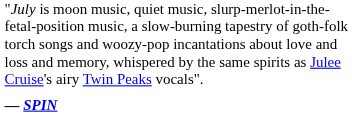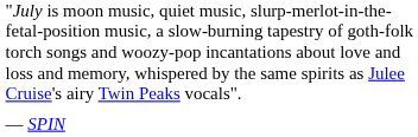 <table class="toccolours" style="float: left; margin-left: 0em; margin-right: 1em; font-size: 85%; background:offwhite; color:black; width:24em; max-width: 40%;" cellspacing="5">
 <tr>
 <td style="text-align: left;">"<em>July</em> is moon music, quiet music, slurp-merlot-in-the-fetal-position music, a slow-burning tapestry of goth-folk torch songs and woozy-pop incantations about love and loss and memory, whispered by the same spirits as <a href='#'>Julee Cruise</a>'s airy <a href='#'>Twin Peaks</a> vocals".</td>
 </tr>
 <tr>
-<td style="text-align: left;"><strong>— <em><a href='#'>SPIN</a></em></strong></td>
+<td style="text-align: left;">— <em><a href='#'>SPIN</a></em></td>
 </tr>
 </table>
